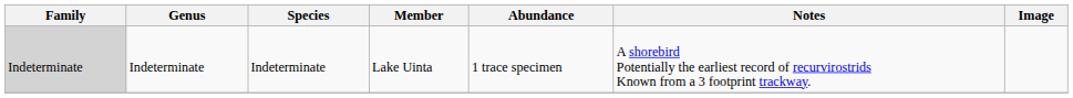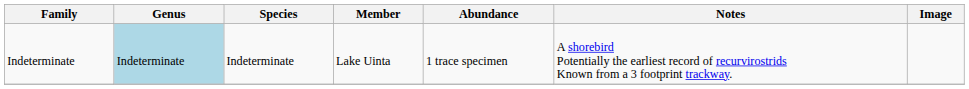 <table class="wikitable" style="margin:auto;width:100%;">
 <tr>
 <th>Family</th>
 <th>Genus</th>
 <th>Species</th>
 <th>Member</th>
 <th>Abundance</th>
 <th>Notes</th>
 <th>Image</th>
 </tr>
 <tr>
-<td style="background: lightgrey;"><br>Indeterminate</td>
 <td><br>Indeterminate</td>
+<td style="background: lightblue;"><br>Indeterminate</td>
 <td><br>Indeterminate</td>
 <td><br>Lake Uinta</td>
 <td><br>1 trace specimen</td>
 <td><br>A <a href='#'>shorebird</a><br>Potentially the earliest record of <a href='#'>recurvirostrids</a><br>Known from a 3 footprint <a href='#'>trackway</a>.</td>
 <td><br></td>
 </tr>
 <tr>
 </tr>
 </table>
